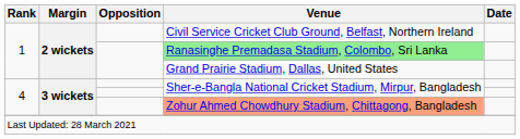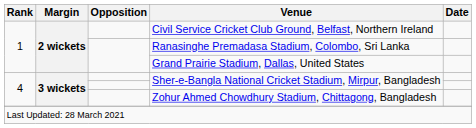 <table class="wikitable plainrowheaders sortable">
 <tr>
 <th scope=col>Rank</th>
 <th scope=col>Margin</th>
 <th scope=col>Opposition</th>
 <th scope=col>Venue</th>
 <th scope=col>Date</th>
 </tr>
 <tr>
 <td align=center rowspan=3>1</td>
 <th scope=row style=text-align:center rowspan=3>2 wickets</th>
 <td></td>
 <td><a href='#'>Civil Service Cricket Club Ground</a>, <a href='#'>Belfast</a>, Northern Ireland</td>
 <td> </td>
 </tr>
 <tr>
 <td rowspan=2></td>
-<td style="background: lightgreen;"><a href='#'>Ranasinghe Premadasa Stadium</a>, <a href='#'>Colombo</a>, Sri Lanka</td>
+<td><a href='#'>Ranasinghe Premadasa Stadium</a>, <a href='#'>Colombo</a>, Sri Lanka</td>
 <td></td>
 </tr>
 <tr>
 <td><a href='#'>Grand Prairie Stadium</a>, <a href='#'>Dallas</a>, United States</td>
 <td></td>
 </tr>
 <tr>
 <td align=center rowspan=3>4</td>
 <th scope=row style=text-align:center rowspan=3>3 wickets</th>
 <td></td>
 <td rowspan=2><a href='#'>Sher-e-Bangla National Cricket Stadium</a>, <a href='#'>Mirpur</a>, Bangladesh</td>
 <td> </td>
 </tr>
 <tr>
 <td></td>
 <td></td>
 </tr>
 <tr>
 <td></td>
-<td style="background: lightsalmon;"><a href='#'>Zohur Ahmed Chowdhury Stadium</a>, <a href='#'>Chittagong</a>, Bangladesh</td>
+<td><a href='#'>Zohur Ahmed Chowdhury Stadium</a>, <a href='#'>Chittagong</a>, Bangladesh</td>
 <td></td>
 </tr>
 <tr>
 </tr>
 <tr class=sortbottom>
 <td colspan=6><small>Last Updated: 28 March 2021</small></td>
 </tr>
 </table>
